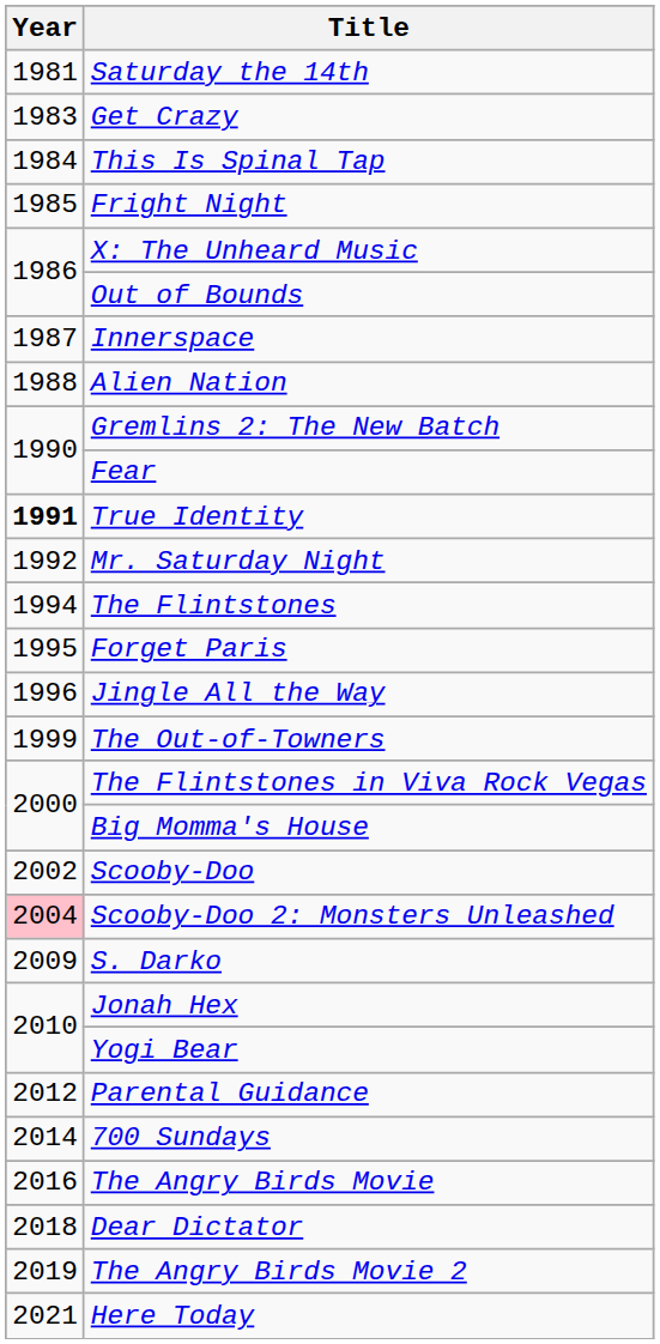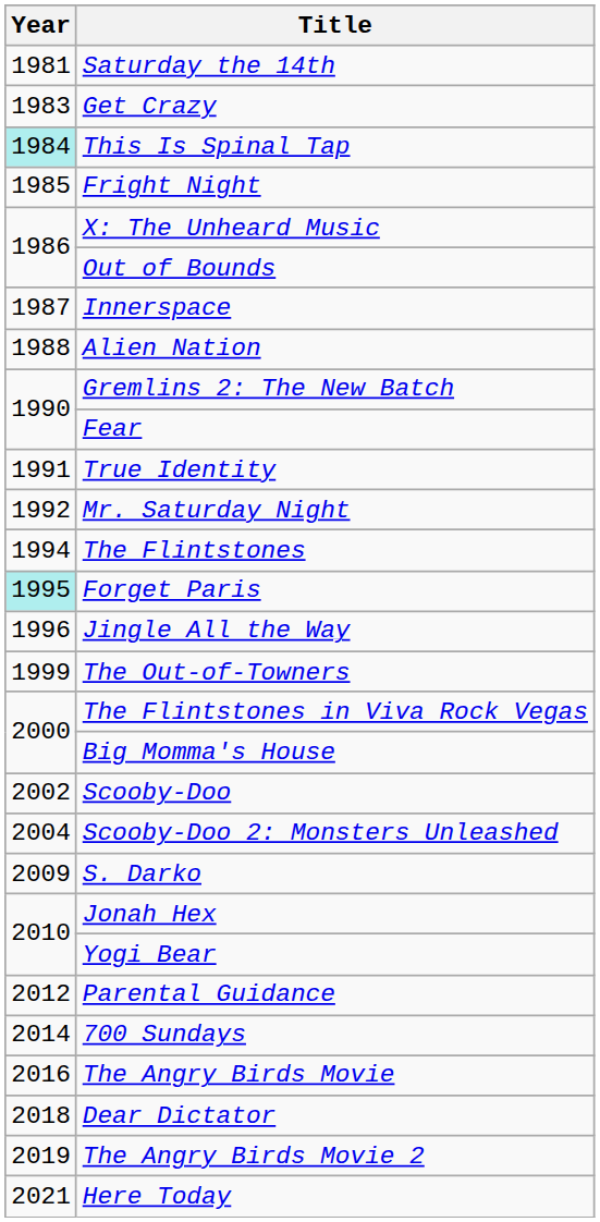 <table class="wikitable sortable">
 <tr>
 <th>Year</th>
 <th>Title</th>
 </tr>
 <tr>
 <td>1981</td>
 <td><em><a href='#'>Saturday the 14th</a></em></td>
 </tr>
 <tr>
 <td>1983</td>
 <td><em><a href='#'>Get Crazy</a></em></td>
 </tr>
 <tr>
-<td>1984</td>
+<td style="background: paleturquoise;">1984</td>
 <td><em><a href='#'>This Is Spinal Tap</a></em></td>
 </tr>
 <tr>
 <td>1985</td>
 <td><em><a href='#'>Fright Night</a></em></td>
 </tr>
 <tr>
 <td rowspan="2">1986</td>
 <td><em><a href='#'>X: The Unheard Music</a></em></td>
 </tr>
 <tr>
 <td><em><a href='#'>Out of Bounds</a></em></td>
 </tr>
 <tr>
 <td>1987</td>
 <td><em><a href='#'>Innerspace</a></em></td>
 </tr>
 <tr>
 <td>1988</td>
 <td><em><a href='#'>Alien Nation</a></em></td>
 </tr>
 <tr>
 <td rowspan="2">1990</td>
 <td><em><a href='#'>Gremlins 2: The New Batch</a></em></td>
 </tr>
 <tr>
 <td><em><a href='#'>Fear</a></em></td>
 </tr>
 <tr>
-<td><strong>1991</strong></td>
+<td>1991</td>
 <td><em><a href='#'>True Identity</a></em></td>
 </tr>
 <tr>
 <td>1992</td>
 <td><em><a href='#'>Mr. Saturday Night</a></em></td>
 </tr>
 <tr>
 <td>1994</td>
 <td><em><a href='#'>The Flintstones</a></em></td>
 </tr>
 <tr>
-<td>1995</td>
+<td style="background: paleturquoise;">1995</td>
 <td><em><a href='#'>Forget Paris</a></em></td>
 </tr>
 <tr>
 <td>1996</td>
 <td><em><a href='#'>Jingle All the Way</a></em></td>
 </tr>
 <tr>
 <td>1999</td>
 <td><em><a href='#'>The Out-of-Towners</a></em></td>
 </tr>
 <tr>
 <td rowspan="2">2000</td>
 <td><em><a href='#'>The Flintstones in Viva Rock Vegas</a></em></td>
 </tr>
 <tr>
 <td><em><a href='#'>Big Momma's House</a></em></td>
 </tr>
 <tr>
 <td>2002</td>
 <td><em><a href='#'>Scooby-Doo</a></em></td>
 </tr>
 <tr>
-<td style="background: pink;">2004</td>
+<td>2004</td>
 <td><em><a href='#'>Scooby-Doo 2: Monsters Unleashed</a></em></td>
 </tr>
 <tr>
 <td>2009</td>
 <td><em><a href='#'>S. Darko</a></em></td>
 </tr>
 <tr>
 <td rowspan="2">2010</td>
 <td><em><a href='#'>Jonah Hex</a></em></td>
 </tr>
 <tr>
 <td><em><a href='#'>Yogi Bear</a></em></td>
 </tr>
 <tr>
 <td>2012</td>
 <td><em><a href='#'>Parental Guidance</a></em></td>
 </tr>
 <tr>
 <td>2014</td>
 <td><em><a href='#'>700 Sundays</a></em></td>
 </tr>
 <tr>
 <td>2016</td>
 <td><em><a href='#'>The Angry Birds Movie</a></em></td>
 </tr>
 <tr>
 <td>2018</td>
 <td><em><a href='#'>Dear Dictator</a></em></td>
 </tr>
 <tr>
 <td>2019</td>
 <td><em><a href='#'>The Angry Birds Movie 2</a></em></td>
 </tr>
 <tr>
 <td>2021</td>
 <td><em><a href='#'>Here Today</a></em></td>
 </tr>
 </table>
